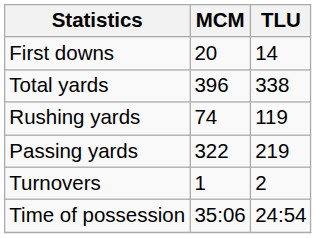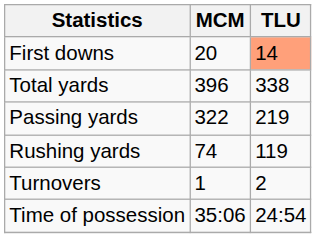 <table class="wikitable">
 <tr>
 <th>Statistics</th>
 <th>MCM</th>
 <th>TLU</th>
 </tr>
 <tr>
 <td>First downs</td>
 <td>20</td>
-<td>14</td>
+<td style="background: lightsalmon;">14</td>
 </tr>
 <tr>
 <td>Total yards</td>
 <td>396</td>
 <td>338</td>
 </tr>
 <tr>
+<td>Passing yards</td>
+<td>322</td>
+<td>219</td>
+</tr>
+<tr>
 <td>Rushing yards</td>
 <td>74</td>
 <td>119</td>
-</tr>
-<tr>
-<td>Passing yards</td>
-<td>322</td>
-<td>219</td>
 </tr>
 <tr>
 <td>Turnovers</td>
 <td>1</td>
 <td>2</td>
 </tr>
 <tr>
 <td>Time of possession</td>
 <td>35:06</td>
 <td>24:54</td>
 </tr>
 <tr>
 </tr>
 </table>
